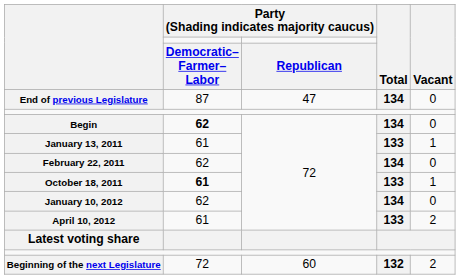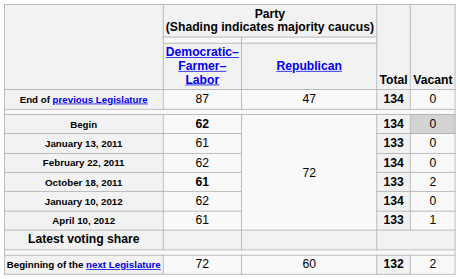 <table class=wikitable style="text-align:center">
 <tr style="vertical-align:bottom;">
 <th rowspan=3></th>
 <th colspan=2>Party <div>(Shading indicates majority caucus)</div></th>
 <th rowspan=3>Total</th>
 <th rowspan=3>Vacant</th>
 </tr>
 <tr style="height:5px">
 <td style="background-color:"></td>
 <td style="background-color:"></td>
 </tr>
 <tr>
 <th width=60><a href='#'>Democratic–Farmer–Labor</a></th>
 <th><a href='#'>Republican</a></th>
 </tr>
 <tr>
 <th style="white-space:nowrap; font-size:80%;">End of <a href='#'>previous Legislature</a></th>
 <td>87</td>
 <td>47</td>
 <th>134</th>
 <td>0</td>
 </tr>
 <tr>
 <td colspan=6></td>
 </tr>
 <tr>
 <th style="font-size:80%">Begin</th>
 <td><strong>62</strong></td>
 <td rowspan="6" >72</td>
 <th>134</th>
-<td>0</td>
+<td style="background: lightgrey;">0</td>
 </tr>
 <tr>
 <th style="font-size:80%">January 13, 2011 </th>
 <td>61</td>
 <th>133</th>
-<td>1</td>
+<td>0</td>
 </tr>
 <tr>
 <th style="font-size:80%">February 22, 2011 </th>
 <td>62</td>
 <th>134</th>
 <td>0</td>
 </tr>
 <tr>
 <th style="font-size:80%">October 18, 2011 </th>
 <td><strong>61</strong></td>
 <th>133</th>
-<td>1</td>
+<td>2</td>
 </tr>
 <tr>
 <th style="font-size:80%">January 10, 2012 </th>
 <td>62</td>
 <th>134</th>
 <td>0</td>
 </tr>
 <tr>
 <th style="font-size:80%">April 10, 2012 </th>
 <td>61</td>
 <th>133</th>
-<td>2</td>
+<td>1</td>
 </tr>
 <tr>
 <th>Latest voting share</th>
 <th></th>
 <th></th>
 <th colspan=2></th>
 </tr>
 <tr>
 <td colspan=6></td>
 </tr>
 <tr>
 <th style="white-space:nowrap; font-size:80%;">Beginning of the <a href='#'>next Legislature</a></th>
 <td>72</td>
 <td>60</td>
 <th>132</th>
 <td>2</td>
 </tr>
 </table>
